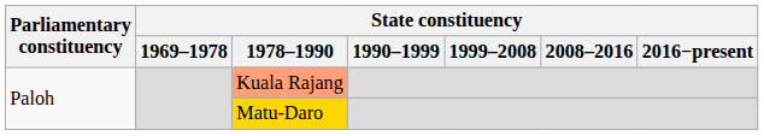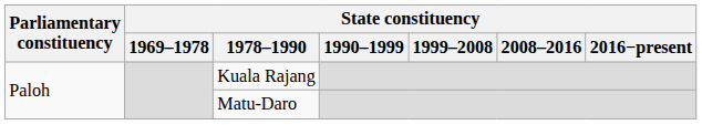 <table class="wikitable">
 <tr>
 <th rowspan="2">Parliamentary<br>constituency</th>
 <th colspan="6">State constituency</th>
 </tr>
 <tr>
 <th>1969–1978</th>
 <th>1978–1990</th>
 <th>1990–1999</th>
 <th>1999–2008</th>
 <th>2008–2016</th>
 <th>2016−present</th>
 </tr>
 <tr>
 <td rowspan="2">Paloh</td>
 <td rowspan="2" bgcolor="dcdcdc"></td>
-<td style="background: lightsalmon;">Kuala Rajang</td>
+<td>Kuala Rajang</td>
 <td colspan="4" bgcolor="dcdcdc"></td>
 </tr>
 <tr>
-<td style="background: gold;">Matu-Daro</td>
+<td>Matu-Daro</td>
 <td colspan="4" bgcolor="dcdcdc"></td>
 </tr>
 </table>
